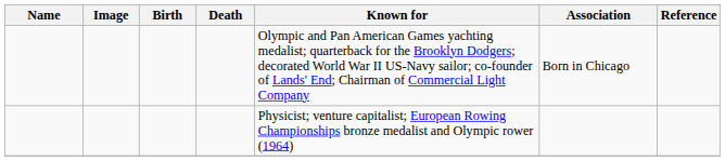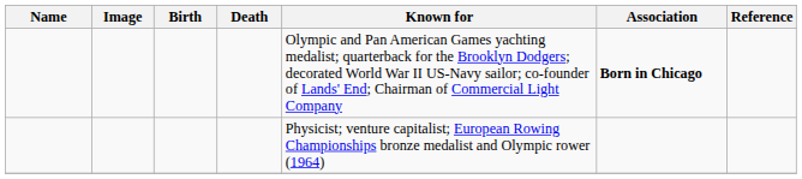 <table class="wikitable sortable">
 <tr>
 <th scope="col" width="140">Name</th>
 <th scope="col" width="80" class="unsortable">Image</th>
 <th scope="col" width="90">Birth</th>
 <th scope="col" width="90">Death</th>
 <th scope="col" width="600" class="unsortable">Known for</th>
 <th scope="col" width="200" class="unsortable">Association</th>
 <th scope="col" width="30" class="unsortable">Reference</th>
 </tr>
 <tr>
 <td></td>
 <td></td>
 <td align=right></td>
 <td align=right></td>
 <td>Olympic and Pan American Games yachting medalist; quarterback for the <a href='#'>Brooklyn Dodgers</a>; decorated World War II US-Navy sailor; co-founder of <a href='#'>Lands' End</a>; Chairman of <a href='#'>Commercial Light Company</a></td>
-<td>Born in Chicago</td>
+<td><strong>Born in Chicago</strong></td>
 <td align="center"></td>
 </tr>
 <tr>
 <td></td>
 <td></td>
 <td align=right></td>
 <td></td>
 <td>Physicist; venture capitalist; <a href='#'>European Rowing Championships</a> bronze medalist and Olympic rower (<a href='#'>1964</a>)</td>
 <td></td>
 <td align="center"></td>
 </tr>
 <tr>
 </tr>
 </table>
